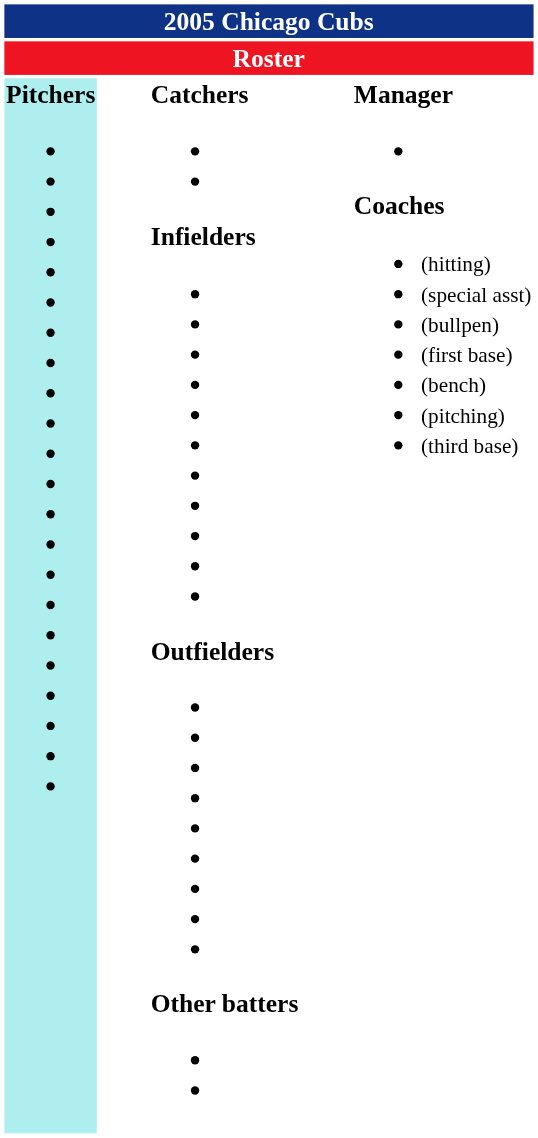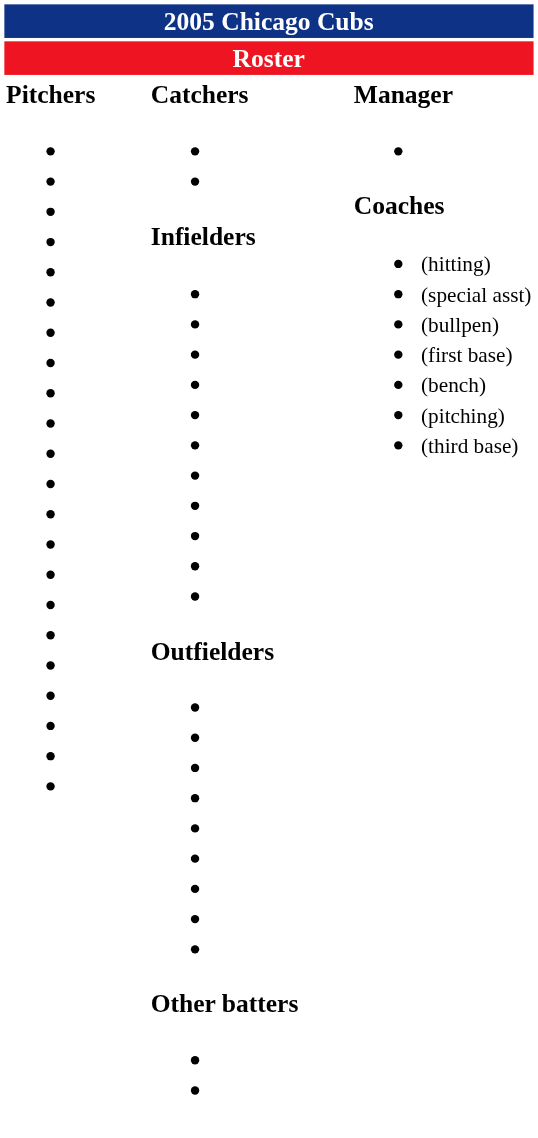 <table class="toccolours" style="font-size: 95%;">
 <tr>
 <th colspan="10" style="background:#0e3386; color:white; text-align:center;">2005 Chicago Cubs</th>
 </tr>
 <tr>
 <td colspan="10" style="background:#ee1422; color:white; text-align:center;"><strong>Roster</strong></td>
 </tr>
 <tr>
-<td valign="top" style="background: paleturquoise;"><strong>Pitchers</strong><br><ul><li></li><li></li><li></li><li></li><li></li><li></li><li></li><li></li><li></li><li></li><li></li><li></li><li></li><li></li><li></li><li></li><li></li><li></li><li></li><li></li><li></li><li></li></ul></td>
+<td valign="top"><strong>Pitchers</strong><br><ul><li></li><li></li><li></li><li></li><li></li><li></li><li></li><li></li><li></li><li></li><li></li><li></li><li></li><li></li><li></li><li></li><li></li><li></li><li></li><li></li><li></li><li></li></ul></td>
 <td style="width:25px;"></td>
 <td valign="top"><strong>Catchers</strong><br><ul><li></li><li></li></ul><strong>Infielders</strong><ul><li></li><li></li><li></li><li></li><li></li><li></li><li></li><li></li><li></li><li></li><li></li></ul><strong>Outfielders</strong><ul><li></li><li></li><li></li><li></li><li></li><li></li><li></li><li></li><li></li></ul><strong>Other batters</strong><ul><li></li><li></li></ul></td>
 <td style="width:25px;"></td>
 <td valign="top"><strong>Manager</strong><br><ul><li></li></ul><strong>Coaches</strong><ul><li> <small>(hitting)</small></li><li> <small>(special asst)</small></li><li> <small>(bullpen)</small></li><li> <small>(first base)</small></li><li> <small>(bench)</small></li><li> <small>(pitching)</small></li><li> <small>(third base)</small></li></ul></td>
 </tr>
 </table>
